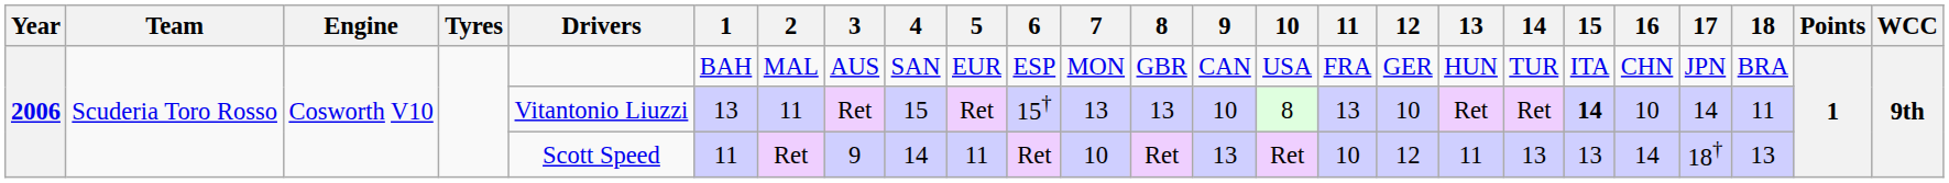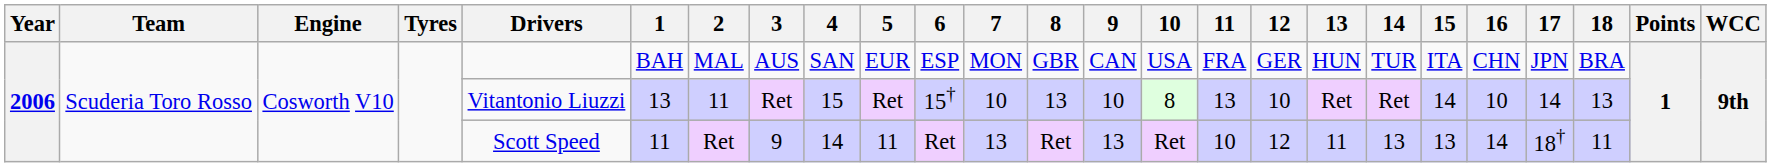 <table class="wikitable" style="text-align:center; font-size:95%">
 <tr>
 <th>Year</th>
 <th>Team</th>
 <th>Engine</th>
 <th>Tyres</th>
 <th>Drivers</th>
 <th>1</th>
 <th>2</th>
 <th>3</th>
 <th>4</th>
 <th>5</th>
 <th>6</th>
 <th>7</th>
 <th>8</th>
 <th>9</th>
 <th>10</th>
 <th>11</th>
 <th>12</th>
 <th>13</th>
 <th>14</th>
 <th>15</th>
 <th>16</th>
 <th>17</th>
 <th>18</th>
 <th>Points</th>
 <th>WCC</th>
 </tr>
 <tr>
 <th rowspan="3"><a href='#'>2006</a></th>
 <td rowspan="3"><a href='#'>Scuderia Toro Rosso</a></td>
 <td rowspan="3"><a href='#'>Cosworth</a> <a href='#'>V10</a></td>
 <td rowspan="3"></td>
 <td></td>
 <td><a href='#'>BAH</a></td>
 <td><a href='#'>MAL</a></td>
 <td><a href='#'>AUS</a></td>
 <td><a href='#'>SAN</a></td>
 <td><a href='#'>EUR</a></td>
 <td><a href='#'>ESP</a></td>
 <td><a href='#'>MON</a></td>
 <td><a href='#'>GBR</a></td>
 <td><a href='#'>CAN</a></td>
 <td><a href='#'>USA</a></td>
 <td><a href='#'>FRA</a></td>
 <td><a href='#'>GER</a></td>
 <td><a href='#'>HUN</a></td>
 <td><a href='#'>TUR</a></td>
 <td><a href='#'>ITA</a></td>
 <td><a href='#'>CHN</a></td>
 <td><a href='#'>JPN</a></td>
 <td><a href='#'>BRA</a></td>
 <th rowspan="3">1</th>
 <th rowspan="3">9th</th>
 </tr>
 <tr>
 <td> <a href='#'>Vitantonio Liuzzi</a></td>
 <td style="background:#CFCFFF;">13</td>
 <td style="background:#CFCFFF;">11</td>
 <td style="background:#EFCFFF;">Ret</td>
 <td style="background:#CFCFFF;">15</td>
 <td style="background:#EFCFFF;">Ret</td>
 <td style="background:#CFCFFF;">15<sup>†</sup></td>
-<td style="background:#CFCFFF;">13</td>
+<td style="background:#CFCFFF;">10</td>
 <td style="background:#CFCFFF;">13</td>
 <td style="background:#CFCFFF;">10</td>
 <td style="background:#DFFFDF;">8</td>
 <td style="background:#CFCFFF;">13</td>
 <td style="background:#CFCFFF;">10</td>
 <td style="background:#EFCFFF;">Ret</td>
 <td style="background:#EFCFFF;">Ret</td>
-<td style="background:#CFCFFF;"><strong>14</strong></td>
+<td style="background:#CFCFFF;">14</td>
 <td style="background:#CFCFFF;">10</td>
 <td style="background:#CFCFFF;">14</td>
-<td style="background:#CFCFFF;">11</td>
+<td style="background:#CFCFFF;">13</td>
 </tr>
 <tr>
 <td> <a href='#'>Scott Speed</a></td>
 <td style="background:#CFCFFF;">11</td>
 <td style="background:#EFCFFF;">Ret</td>
 <td style="background:#CFCFFF;">9</td>
 <td style="background:#CFCFFF;">14</td>
 <td style="background:#CFCFFF;">11</td>
 <td style="background:#EFCFFF;">Ret</td>
-<td style="background:#CFCFFF;">10</td>
+<td style="background:#CFCFFF;">13</td>
 <td style="background:#EFCFFF;">Ret</td>
 <td style="background:#CFCFFF;">13</td>
 <td style="background:#EFCFFF;">Ret</td>
 <td style="background:#CFCFFF;">10</td>
 <td style="background:#CFCFFF;">12</td>
 <td style="background:#CFCFFF;">11</td>
 <td style="background:#CFCFFF;">13</td>
 <td style="background:#CFCFFF;">13</td>
 <td style="background:#CFCFFF;">14</td>
 <td style="background:#CFCFFF;">18<sup>†</sup></td>
-<td style="background:#CFCFFF;">13</td>
+<td style="background:#CFCFFF;">11</td>
 </tr>
 </table>
